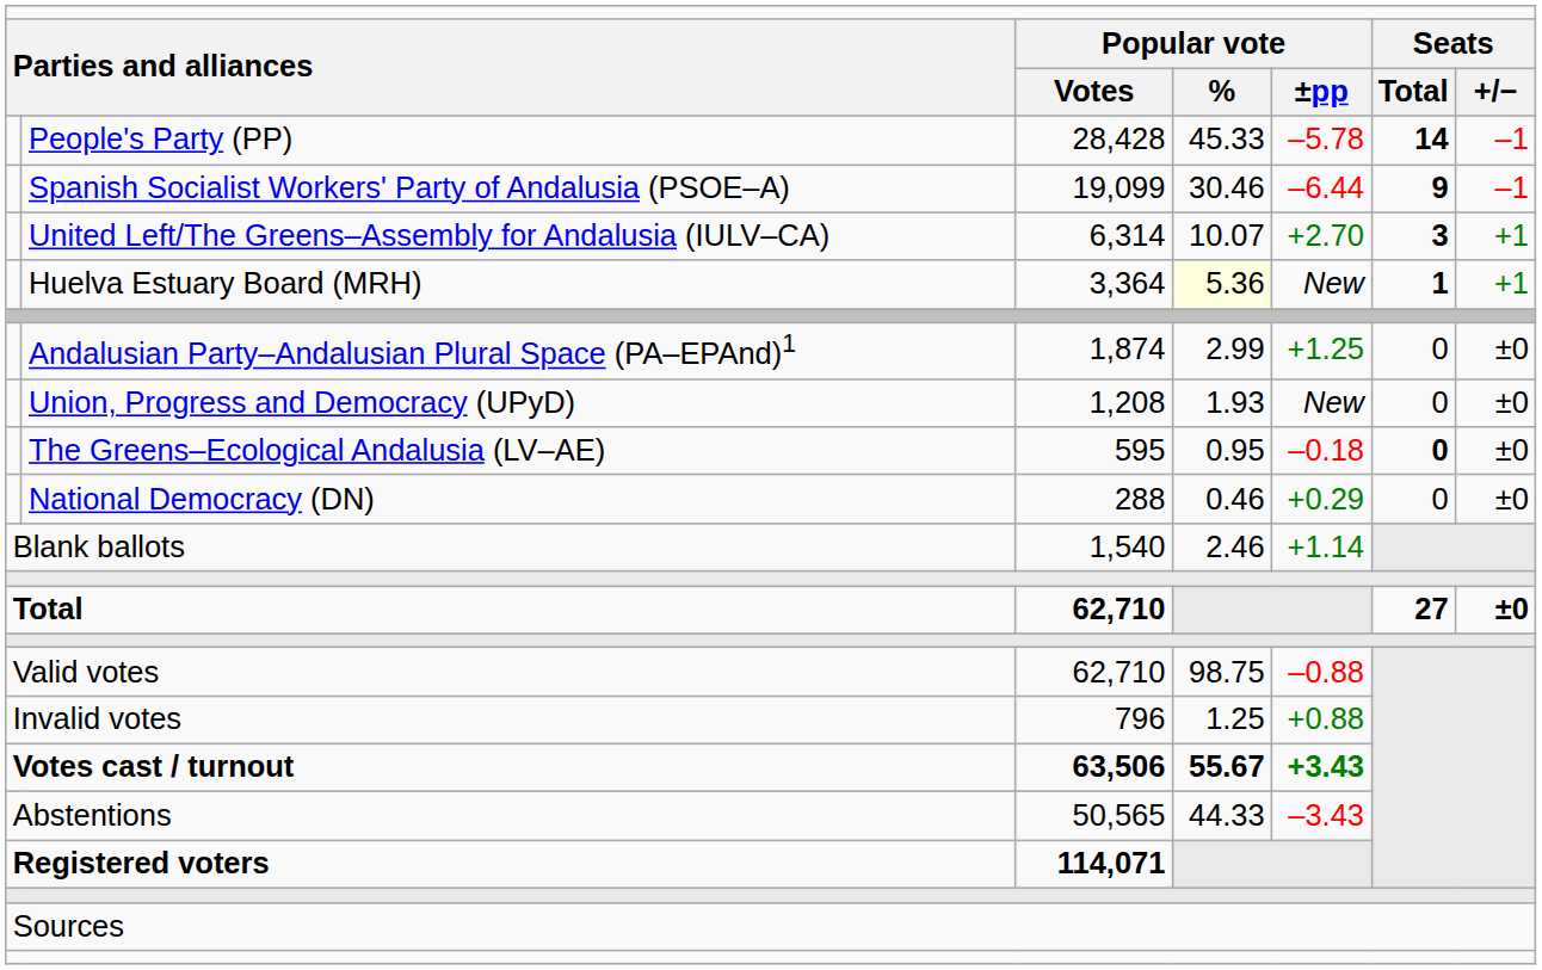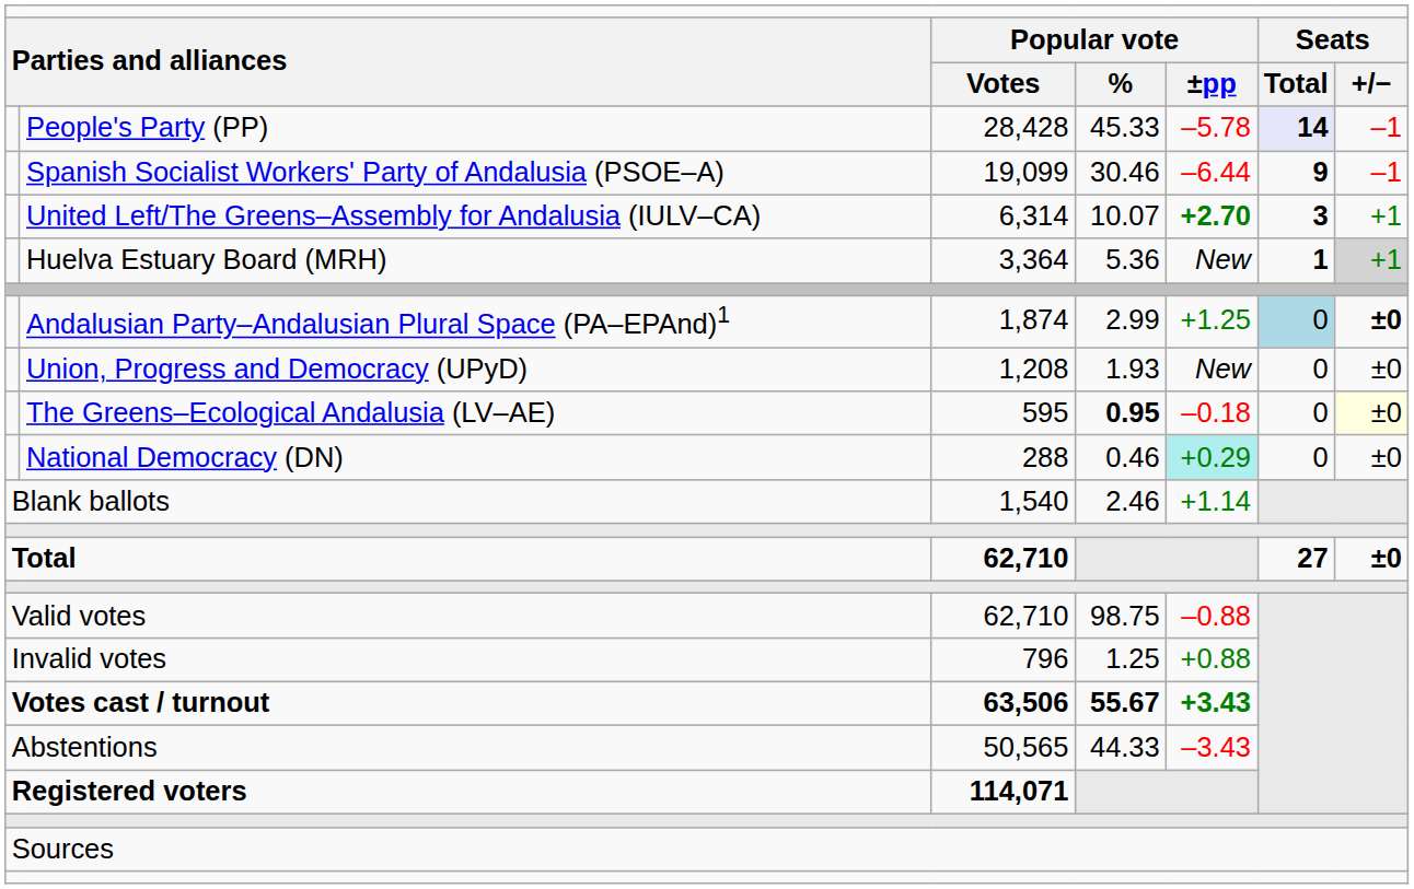 <table class="wikitable" style="text-align:right;">
 <tr>
 <td colspan="7"></td>
 </tr>
 <tr>
 <th style="text-align:left;" rowspan="2" colspan="2" width="525">Parties and alliances</th>
 <th colspan="3">Popular vote</th>
 <th colspan="2">Seats</th>
 </tr>
 <tr>
 <th width="75">Votes</th>
 <th width="45">%</th>
 <th width="45">±<a href='#'>pp</a></th>
 <th width="35">Total</th>
 <th width="35">+/−</th>
 </tr>
 <tr>
 <td width="1" style="color:inherit;background:"></td>
 <td align="left"><a href='#'>People's Party</a> (PP)</td>
 <td>28,428</td>
 <td>45.33</td>
 <td style="color:red;">–5.78</td>
-<td><strong>14</strong></td>
+<td style="background: lavender;"><strong>14</strong></td>
 <td style="color:red;">–1</td>
 </tr>
 <tr>
 <td style="color:inherit;background:"></td>
 <td align="left"><a href='#'>Spanish Socialist Workers' Party of Andalusia</a> (PSOE–A)</td>
 <td>19,099</td>
 <td>30.46</td>
 <td style="color:red;">–6.44</td>
 <td><strong>9</strong></td>
 <td style="color:red;">–1</td>
 </tr>
 <tr>
 <td style="color:inherit;background:"></td>
 <td align="left"><a href='#'>United Left/The Greens–Assembly for Andalusia</a> (IULV–CA)</td>
 <td>6,314</td>
 <td>10.07</td>
-<td style="color:green;">+2.70</td>
+<td style="color:green;"><strong>+2.70</strong></td>
 <td><strong>3</strong></td>
 <td style="color:green;">+1</td>
 </tr>
 <tr>
 <td style="color:inherit;background:"></td>
 <td align="left">Huelva Estuary Board (MRH)</td>
 <td>3,364</td>
-<td style="background: lightyellow;">5.36</td>
+<td>5.36</td>
 <td><em>New</em></td>
 <td><strong>1</strong></td>
-<td style="color:green;">+1</td>
+<td style="background: lightgrey; color:green;">+1</td>
 </tr>
 <tr>
 <td colspan="7" bgcolor="#C0C0C0"></td>
 </tr>
 <tr>
 <td style="color:inherit;background:"></td>
 <td align="left"><a href='#'>Andalusian Party–Andalusian Plural Space</a> (PA–EPAnd)<sup>1</sup></td>
 <td>1,874</td>
 <td>2.99</td>
 <td style="color:green;">+1.25</td>
-<td>0</td>
-<td>±0</td>
+<td style="background: lightblue;">0</td>
+<td><strong>±0</strong></td>
 </tr>
 <tr>
 <td style="color:inherit;background:"></td>
 <td align="left"><a href='#'>Union, Progress and Democracy</a> (UPyD)</td>
 <td>1,208</td>
 <td>1.93</td>
 <td><em>New</em></td>
 <td>0</td>
 <td>±0</td>
 </tr>
 <tr>
 <td style="color:inherit;background:"></td>
 <td align="left"><a href='#'>The Greens–Ecological Andalusia</a> (LV–AE)</td>
 <td>595</td>
-<td>0.95</td>
+<td><strong>0.95</strong></td>
 <td style="color:red;">–0.18</td>
-<td><strong>0</strong></td>
-<td>±0</td>
+<td>0</td>
+<td style="background: lightyellow;">±0</td>
 </tr>
 <tr>
 <td style="color:inherit;background:"></td>
 <td align="left"><a href='#'>National Democracy</a> (DN)</td>
 <td>288</td>
 <td>0.46</td>
-<td style="color:green;">+0.29</td>
+<td style="background: paleturquoise; color:green;">+0.29</td>
 <td>0</td>
 <td>±0</td>
 </tr>
 <tr>
 <td align="left" colspan="2">Blank ballots</td>
 <td>1,540</td>
 <td>2.46</td>
 <td style="color:green;">+1.14</td>
 <td bgcolor="#E9E9E9" colspan="2"></td>
 </tr>
 <tr>
 <td colspan="7" bgcolor="#E9E9E9"></td>
 </tr>
 <tr style="font-weight:bold;">
 <td align="left" colspan="2">Total</td>
 <td>62,710</td>
 <td bgcolor="#E9E9E9" colspan="2"></td>
 <td>27</td>
 <td>±0</td>
 </tr>
 <tr>
 <td colspan="7" bgcolor="#E9E9E9"></td>
 </tr>
 <tr>
 <td align="left" colspan="2">Valid votes</td>
 <td>62,710</td>
 <td>98.75</td>
 <td style="color:red;">–0.88</td>
 <td bgcolor="#E9E9E9" colspan="2" rowspan="5"></td>
 </tr>
 <tr>
 <td align="left" colspan="2">Invalid votes</td>
 <td>796</td>
 <td>1.25</td>
 <td style="color:green;">+0.88</td>
 </tr>
 <tr style="font-weight:bold;">
 <td align="left" colspan="2">Votes cast / turnout</td>
 <td>63,506</td>
 <td>55.67</td>
 <td style="color:green;">+3.43</td>
 </tr>
 <tr>
 <td align="left" colspan="2">Abstentions</td>
 <td>50,565</td>
 <td>44.33</td>
 <td style="color:red;">–3.43</td>
 </tr>
 <tr style="font-weight:bold;">
 <td align="left" colspan="2">Registered voters</td>
 <td>114,071</td>
 <td bgcolor="#E9E9E9" colspan="2"></td>
 </tr>
 <tr>
 <td colspan="7" bgcolor="#E9E9E9"></td>
 </tr>
 <tr>
 <td align="left" colspan="7">Sources</td>
 </tr>
 <tr>
 <td colspan="7" style="text-align:left; max-width:790px;"></td>
 </tr>
 </table>
